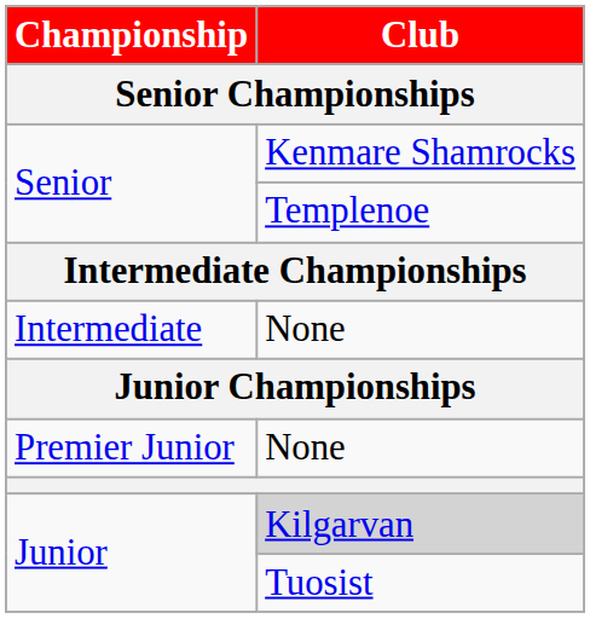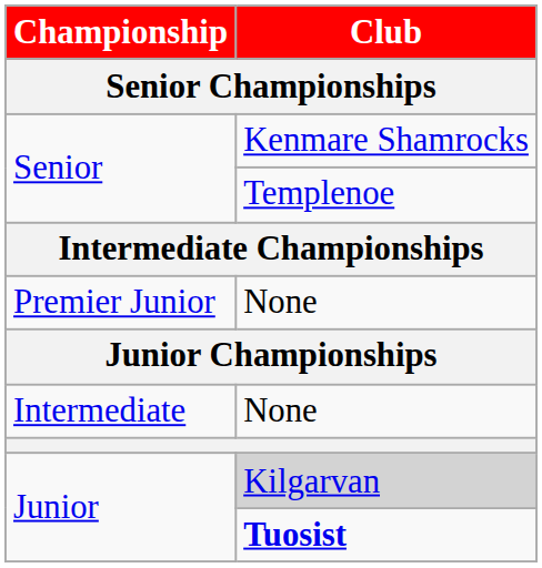 <table class="wikitable sortable">
 <tr>
 <th style="background:red;color:white">Championship</th>
 <th style="background:red;color:white">Club</th>
 </tr>
 <tr>
 <th colspan="2">Senior Championships</th>
 </tr>
 <tr>
 <td rowspan="2"><a href='#'>Senior</a></td>
 <td> <a href='#'>Kenmare Shamrocks</a></td>
 </tr>
 <tr>
 <td> <a href='#'>Templenoe</a></td>
 </tr>
 <tr>
 <th colspan="2">Intermediate Championships</th>
 </tr>
 <tr>
-<td><a href='#'>Intermediate</a></td>
+<td><a href='#'>Premier Junior</a></td>
 <td>None</td>
 </tr>
 <tr>
 <th colspan="2">Junior Championships</th>
 </tr>
 <tr>
-<td><a href='#'>Premier Junior</a></td>
+<td><a href='#'>Intermediate</a></td>
 <td>None</td>
 </tr>
 <tr>
 <th colspan="2"></th>
 </tr>
 <tr>
 <td rowspan="2"><a href='#'>Junior</a></td>
 <td style="background: lightgrey;"> <a href='#'>Kilgarvan</a></td>
 </tr>
 <tr>
-<td> <a href='#'>Tuosist</a></td>
+<td><strong> <a href='#'>Tuosist</a></strong></td>
 </tr>
 </table>
